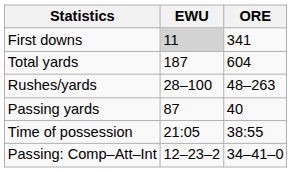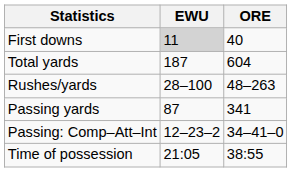 <table class="wikitable" style="float: left;">
 <tr>
 <th>Statistics</th>
 <th>EWU</th>
 <th>ORE</th>
 </tr>
 <tr>
 <td>First downs</td>
 <td style="background: lightgrey;">11</td>
-<td>341</td>
+<td>40</td>
 </tr>
 <tr>
 <td>Total yards</td>
 <td>187</td>
 <td>604</td>
 </tr>
 <tr>
 <td>Rushes/yards</td>
 <td>28–100</td>
 <td>48–263</td>
 </tr>
 <tr>
 <td>Passing yards</td>
 <td>87</td>
-<td>40</td>
+<td>341</td>
+</tr>
+<tr>
+<td>Passing: Comp–Att–Int</td>
+<td>12–23–2</td>
+<td>34–41–0</td>
 </tr>
 <tr>
 <td>Time of possession</td>
 <td>21:05</td>
 <td>38:55</td>
 </tr>
-<tr>
-<td>Passing: Comp–Att–Int</td>
-<td>12–23–2</td>
-<td>34–41–0</td>
-</tr>
 </table>
